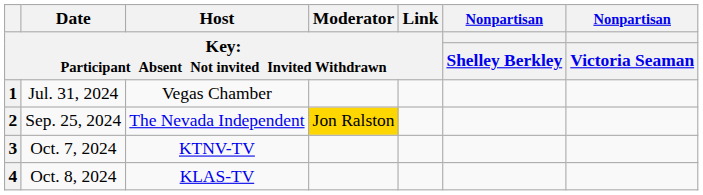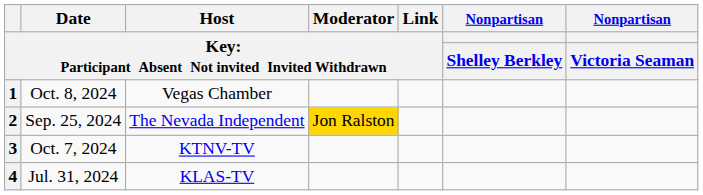 <table class="wikitable" style="text-align:center;">
 <tr>
 <th scope="col"></th>
 <th scope="col">Date</th>
 <th scope="col">Host</th>
 <th scope="col">Moderator</th>
 <th scope="col">Link</th>
 <th scope="col"><small><a href='#'>Nonpartisan</a></small></th>
 <th scope="col"><small><a href='#'>Nonpartisan</a></small></th>
 </tr>
 <tr>
 <th colspan="5" rowspan="2">Key:<br> <small>Participant </small>  <small>Absent </small>  <small>Not invited </small>  <small>Invited  Withdrawn</small></th>
 <th scope="col" style="background:"></th>
 <th scope="col" style="background:"></th>
 </tr>
 <tr>
 <th scope="col"><a href='#'>Shelley Berkley</a></th>
 <th scope="col"><a href='#'>Victoria Seaman</a></th>
 </tr>
 <tr>
 <th>1</th>
-<td style="white-space:nowrap;">Jul. 31, 2024</td>
+<td style="white-space:nowrap;">Oct. 8, 2024</td>
 <td style="white-space:nowrap;">Vegas Chamber</td>
 <td style="white-space:nowrap;"></td>
 <td style="white-space:nowrap;"></td>
 <td></td>
 <td></td>
 </tr>
 <tr>
 <th>2</th>
 <td style="white-space:nowrap;">Sep. 25, 2024</td>
 <td style="white-space:nowrap;"><a href='#'>The Nevada Independent</a></td>
 <td style="background: gold; white-space:nowrap;">Jon Ralston</td>
 <td style="white-space:nowrap;"></td>
 <td></td>
 <td></td>
 </tr>
 <tr>
 <th>3</th>
 <td style="white-space:nowrap;">Oct. 7, 2024</td>
 <td style="white-space:nowrap;"><a href='#'>KTNV-TV</a></td>
 <td style="white-space:nowrap;"></td>
 <td style="white-space:nowrap;"></td>
 <td></td>
 <td></td>
 </tr>
 <tr>
 <th>4</th>
-<td style="white-space:nowrap;">Oct. 8, 2024</td>
+<td style="white-space:nowrap;">Jul. 31, 2024</td>
 <td style="white-space:nowrap;"><a href='#'>KLAS-TV</a></td>
 <td style="white-space:nowrap;"></td>
 <td style="white-space:nowrap;"></td>
 <td></td>
 <td></td>
 </tr>
 </table>
